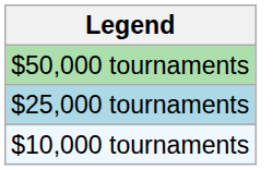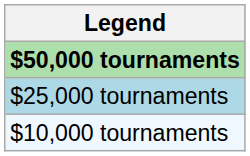 <table class="wikitable" style="font-size:95%">
 <tr>
 <th>Legend</th>
 </tr>
 <tr style="background:#addfad;">
-<td>$50,000 tournaments</td>
+<td><strong>$50,000 tournaments</strong></td>
 </tr>
 <tr style="background:lightblue;">
 <td>$25,000 tournaments</td>
 </tr>
 <tr style="background:#f0f8ff;">
 <td>$10,000 tournaments</td>
 </tr>
 </table>
